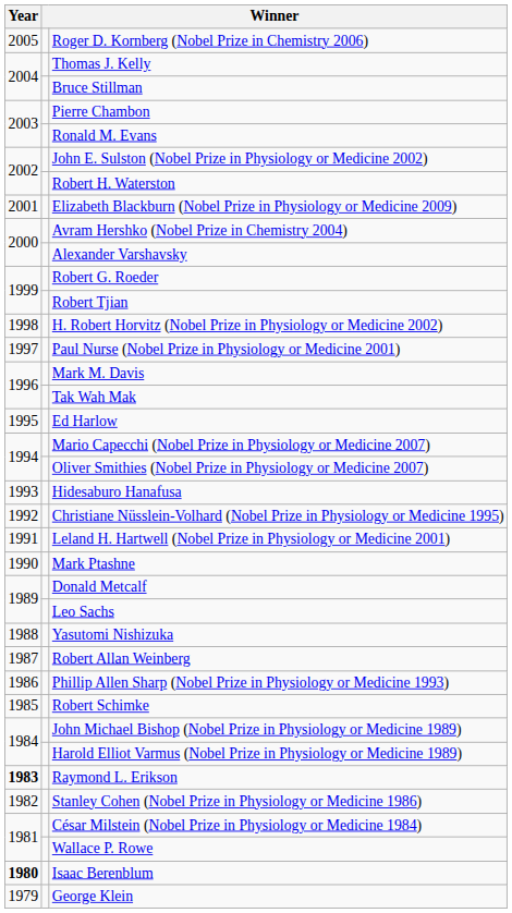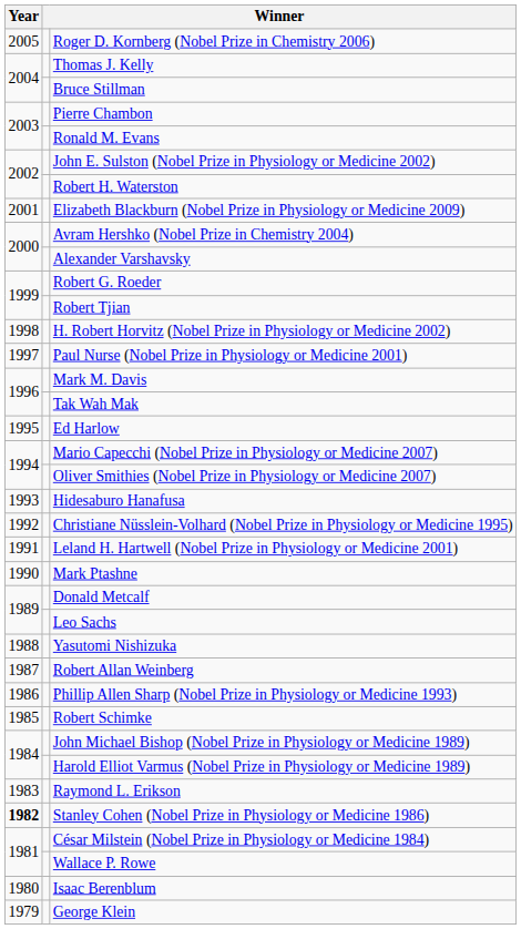 <table class="wikitable">
 <tr>
 <th>Year</th>
 <th colspan=2>Winner</th>
 </tr>
 <tr>
 <td>2005</td>
 <td></td>
 <td><a href='#'>Roger D. Kornberg</a> (<a href='#'>Nobel Prize in Chemistry 2006</a>)</td>
 </tr>
 <tr>
 <td rowspan=2>2004</td>
 <td></td>
 <td><a href='#'>Thomas J. Kelly</a></td>
 </tr>
 <tr>
 <td></td>
 <td><a href='#'>Bruce Stillman</a></td>
 </tr>
 <tr>
 <td rowspan=2>2003</td>
 <td></td>
 <td><a href='#'>Pierre Chambon</a></td>
 </tr>
 <tr>
 <td></td>
 <td><a href='#'>Ronald M. Evans</a></td>
 </tr>
 <tr>
 <td rowspan=2>2002</td>
 <td></td>
 <td><a href='#'>John E. Sulston</a> (<a href='#'>Nobel Prize in Physiology or Medicine 2002</a>)</td>
 </tr>
 <tr>
 <td></td>
 <td><a href='#'>Robert H. Waterston</a></td>
 </tr>
 <tr>
 <td>2001</td>
 <td></td>
 <td><a href='#'>Elizabeth Blackburn</a>  (<a href='#'>Nobel Prize in Physiology or Medicine 2009</a>)</td>
 </tr>
 <tr>
 <td rowspan=2>2000</td>
 <td></td>
 <td><a href='#'>Avram Hershko</a> (<a href='#'>Nobel Prize in Chemistry 2004</a>)</td>
 </tr>
 <tr>
 <td></td>
 <td><a href='#'>Alexander Varshavsky</a></td>
 </tr>
 <tr>
 <td rowspan=2>1999</td>
 <td></td>
 <td><a href='#'>Robert G. Roeder</a></td>
 </tr>
 <tr>
 <td></td>
 <td><a href='#'>Robert Tjian</a></td>
 </tr>
 <tr>
 <td>1998</td>
 <td></td>
 <td><a href='#'>H. Robert Horvitz</a> (<a href='#'>Nobel Prize in Physiology or Medicine 2002</a>)</td>
 </tr>
 <tr>
 <td>1997</td>
 <td></td>
 <td><a href='#'>Paul Nurse</a> (<a href='#'>Nobel Prize in Physiology or Medicine 2001</a>)</td>
 </tr>
 <tr>
 <td rowspan=2>1996</td>
 <td></td>
 <td><a href='#'>Mark M. Davis</a></td>
 </tr>
 <tr>
 <td></td>
 <td><a href='#'>Tak Wah Mak</a></td>
 </tr>
 <tr>
 <td>1995</td>
 <td></td>
 <td><a href='#'>Ed Harlow</a></td>
 </tr>
 <tr>
 <td rowspan=2>1994</td>
 <td></td>
 <td><a href='#'>Mario Capecchi</a> (<a href='#'>Nobel Prize in Physiology or Medicine 2007</a>)</td>
 </tr>
 <tr>
 <td></td>
 <td><a href='#'>Oliver Smithies</a> (<a href='#'>Nobel Prize in Physiology or Medicine 2007</a>)</td>
 </tr>
 <tr>
 <td>1993</td>
 <td></td>
 <td><a href='#'>Hidesaburo Hanafusa</a></td>
 </tr>
 <tr>
 <td>1992</td>
 <td></td>
 <td><a href='#'>Christiane Nüsslein-Volhard</a> (<a href='#'>Nobel Prize in Physiology or Medicine 1995</a>)</td>
 </tr>
 <tr>
 <td>1991</td>
 <td></td>
 <td><a href='#'>Leland H. Hartwell</a> (<a href='#'>Nobel Prize in Physiology or Medicine 2001</a>)</td>
 </tr>
 <tr>
 <td>1990</td>
 <td></td>
 <td><a href='#'>Mark Ptashne</a></td>
 </tr>
 <tr>
 <td rowspan=2>1989</td>
 <td></td>
 <td><a href='#'>Donald Metcalf</a></td>
 </tr>
 <tr>
 <td></td>
 <td><a href='#'>Leo Sachs</a></td>
 </tr>
 <tr>
 <td>1988</td>
 <td></td>
 <td><a href='#'>Yasutomi Nishizuka</a></td>
 </tr>
 <tr>
 <td>1987</td>
 <td></td>
 <td><a href='#'>Robert Allan Weinberg</a></td>
 </tr>
 <tr>
 <td>1986</td>
 <td></td>
 <td><a href='#'>Phillip Allen Sharp</a> (<a href='#'>Nobel Prize in Physiology or Medicine 1993</a>)</td>
 </tr>
 <tr>
 <td>1985</td>
 <td></td>
 <td><a href='#'>Robert Schimke</a></td>
 </tr>
 <tr>
 <td rowspan=2>1984</td>
 <td></td>
 <td><a href='#'>John Michael Bishop</a> (<a href='#'>Nobel Prize in Physiology or Medicine 1989</a>)</td>
 </tr>
 <tr>
 <td></td>
 <td><a href='#'>Harold Elliot Varmus</a> (<a href='#'>Nobel Prize in Physiology or Medicine 1989</a>)</td>
 </tr>
 <tr>
-<td><strong>1983</strong></td>
+<td>1983</td>
 <td></td>
 <td><a href='#'>Raymond L. Erikson</a></td>
 </tr>
 <tr>
-<td>1982</td>
+<td><strong>1982</strong></td>
 <td></td>
 <td><a href='#'>Stanley Cohen</a> (<a href='#'>Nobel Prize in Physiology or Medicine 1986</a>)</td>
 </tr>
 <tr>
 <td rowspan=2>1981</td>
 <td></td>
 <td><a href='#'>César Milstein</a> (<a href='#'>Nobel Prize in Physiology or Medicine 1984</a>)</td>
 </tr>
 <tr>
 <td></td>
 <td><a href='#'>Wallace P. Rowe</a></td>
 </tr>
 <tr>
-<td><strong>1980</strong></td>
+<td>1980</td>
 <td></td>
 <td><a href='#'>Isaac Berenblum</a></td>
 </tr>
 <tr>
 <td>1979</td>
 <td></td>
 <td><a href='#'>George Klein</a></td>
 </tr>
 </table>
